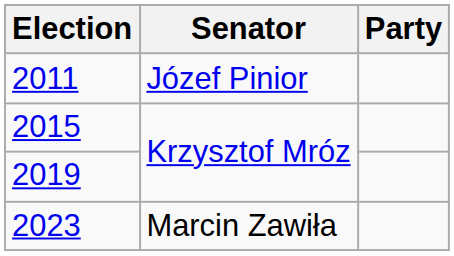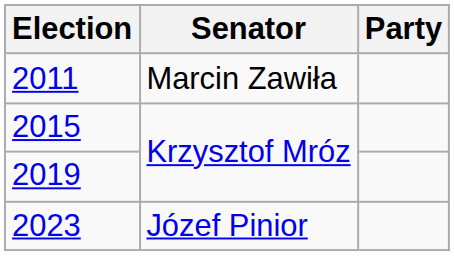 <table class="wikitable plainrowheaders">
 <tr>
 <th>Election</th>
 <th>Senator</th>
 <th colspan="2">Party</th>
 </tr>
 <tr>
 <td><a href='#'>2011</a></td>
-<td><a href='#'>Józef Pinior</a></td>
+<td>Marcin Zawiła</td>
 <td></td>
 </tr>
 <tr>
 <td><a href='#'>2015</a></td>
 <td rowspan="2"><a href='#'>Krzysztof Mróz</a></td>
 <td></td>
 </tr>
 <tr>
 <td><a href='#'>2019</a></td>
 </tr>
 <tr>
 <td><a href='#'>2023</a></td>
-<td>Marcin Zawiła</td>
+<td><a href='#'>Józef Pinior</a></td>
 <td></td>
 </tr>
 </table>
